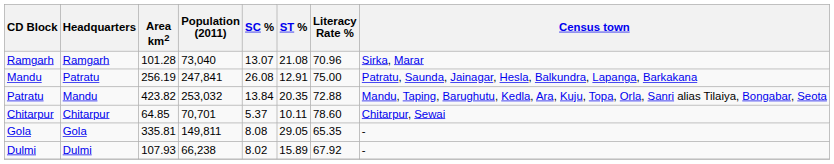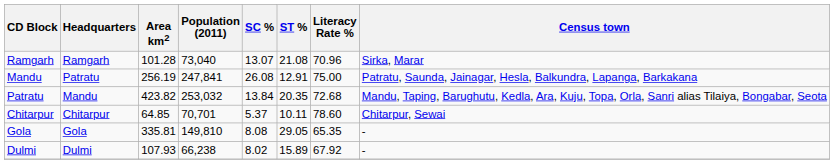 <table class="wikitable sortable">
 <tr>
 <th>CD Block</th>
 <th>Headquarters</th>
 <th><br>Area<br>km<sup>2</sup></th>
 <th>Population<br>(2011)</th>
 <th><a href='#'>SC</a> %</th>
 <th><a href='#'>ST</a> %</th>
 <th>Literacy<br> Rate %</th>
 <th><a href='#'>Census town</a></th>
 </tr>
 <tr>
 <td><a href='#'>Ramgarh</a></td>
 <td><a href='#'>Ramgarh</a></td>
 <td>101.28</td>
 <td>73,040</td>
 <td>13.07</td>
 <td>21.08</td>
 <td>70.96</td>
 <td><a href='#'>Sirka</a>, <a href='#'>Marar</a></td>
 </tr>
 <tr>
 <td><a href='#'>Mandu</a></td>
 <td><a href='#'>Patratu</a></td>
 <td>256.19</td>
 <td>247,841</td>
 <td>26.08</td>
 <td>12.91</td>
 <td>75.00</td>
 <td><a href='#'>Patratu</a>, <a href='#'>Saunda</a>, <a href='#'>Jainagar</a>, <a href='#'>Hesla</a>, <a href='#'>Balkundra</a>, <a href='#'>Lapanga</a>, <a href='#'>Barkakana</a></td>
 </tr>
 <tr>
 <td><a href='#'>Patratu</a></td>
 <td><a href='#'>Mandu</a></td>
 <td>423.82</td>
 <td>253,032</td>
 <td>13.84</td>
 <td>20.35</td>
-<td>72.88</td>
+<td>72.68</td>
 <td><a href='#'>Mandu</a>, <a href='#'>Taping</a>, <a href='#'>Barughutu</a>, <a href='#'>Kedla</a>, <a href='#'>Ara</a>, <a href='#'>Kuju</a>, <a href='#'>Topa</a>, <a href='#'>Orla</a>, <a href='#'>Sanri</a> alias Tilaiya, <a href='#'>Bongabar</a>, <a href='#'>Seota</a></td>
 </tr>
 <tr>
 <td><a href='#'>Chitarpur</a></td>
 <td><a href='#'>Chitarpur</a></td>
 <td>64.85</td>
 <td>70,701</td>
 <td>5.37</td>
 <td>10.11</td>
 <td>78.60</td>
 <td><a href='#'>Chitarpur</a>, <a href='#'>Sewai</a></td>
 </tr>
 <tr>
 <td><a href='#'>Gola</a></td>
 <td><a href='#'>Gola</a></td>
 <td>335.81</td>
-<td>149,811</td>
+<td>149,810</td>
 <td>8.08</td>
 <td>29.05</td>
 <td>65.35</td>
 <td>-</td>
 </tr>
 <tr>
 <td><a href='#'>Dulmi</a></td>
 <td><a href='#'>Dulmi</a></td>
 <td>107.93</td>
 <td>66,238</td>
 <td>8.02</td>
 <td>15.89</td>
 <td>67.92</td>
 <td>-</td>
 </tr>
 <tr>
 </tr>
 </table>
